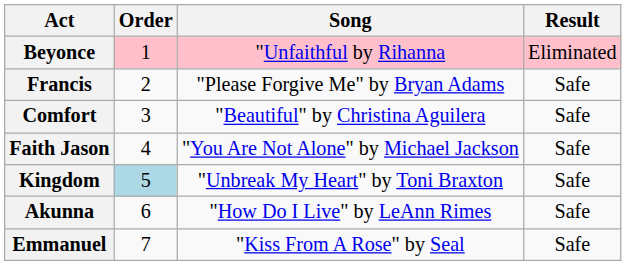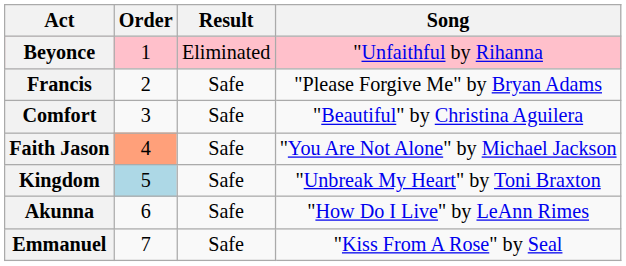 <table class="wikitable plainrowheaders" style="text-align:center;">
 <tr>
 <th scope"col">Act</th>
 <th scope"col">Order</th>
+<th scope"col">Result</th>
 <th scope"col">Song</th>
-<th scope"col">Result</th>
 </tr>
 <tr style="background: pink">
 <th scope=row>Beyonce</th>
 <td>1</td>
+<td>Eliminated</td>
 <td>"<a href='#'>Unfaithful</a> by <a href='#'>Rihanna</a></td>
-<td>Eliminated</td>
 </tr>
 <tr>
 <th scope=row>Francis</th>
 <td>2</td>
+<td>Safe</td>
 <td>"Please Forgive Me" by <a href='#'>Bryan Adams</a></td>
-<td>Safe</td>
 </tr>
 <tr>
 <th scope=row>Comfort</th>
 <td>3</td>
+<td>Safe</td>
 <td>"<a href='#'>Beautiful</a>" by <a href='#'>Christina Aguilera</a></td>
-<td>Safe</td>
 </tr>
 <tr>
 <th scope=row>Faith Jason</th>
-<td>4</td>
+<td style="background: lightsalmon;">4</td>
+<td>Safe</td>
 <td>"<a href='#'>You Are Not Alone</a>" by <a href='#'>Michael Jackson</a></td>
-<td>Safe</td>
 </tr>
 <tr>
 <th scope=row>Kingdom</th>
 <td style="background: lightblue;">5</td>
+<td>Safe</td>
 <td>"<a href='#'>Unbreak My Heart</a>" by <a href='#'>Toni Braxton</a></td>
-<td>Safe</td>
 </tr>
 <tr>
 <th scope=row>Akunna</th>
 <td>6</td>
+<td>Safe</td>
 <td>"<a href='#'>How Do I Live</a>" by <a href='#'>LeAnn Rimes</a></td>
-<td>Safe</td>
 </tr>
 <tr>
 <th scope=row>Emmanuel</th>
 <td>7</td>
+<td>Safe</td>
 <td>"<a href='#'>Kiss From A Rose</a>" by <a href='#'>Seal</a></td>
-<td>Safe</td>
 </tr>
 </table>
